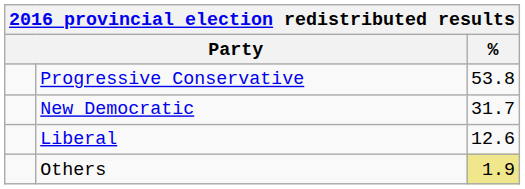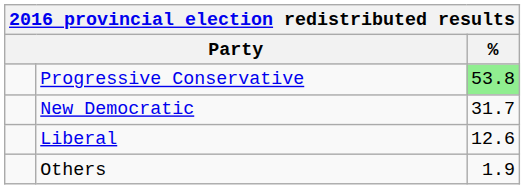 <table class="wikitable">
 <tr>
 <th colspan="4"><a href='#'>2016 provincial election</a> redistributed results</th>
 </tr>
 <tr>
 <th bgcolor="#DDDDFF" width="130px" colspan="2">Party</th>
 <th bgcolor="#DDDDFF" width="30px">%</th>
 </tr>
 <tr>
 <td> </td>
 <td><a href='#'>Progressive Conservative</a></td>
-<td align=right>53.8</td>
+<td align=right style="background: lightgreen;">53.8</td>
 </tr>
 <tr>
 <td> </td>
 <td><a href='#'>New Democratic</a></td>
 <td align=right>31.7</td>
 </tr>
 <tr>
 <td> </td>
 <td><a href='#'>Liberal</a></td>
 <td align=right>12.6</td>
 </tr>
 <tr>
 <td> </td>
 <td>Others</td>
-<td align=right style="background: khaki;">1.9</td>
+<td align=right>1.9</td>
 </tr>
 </table>
